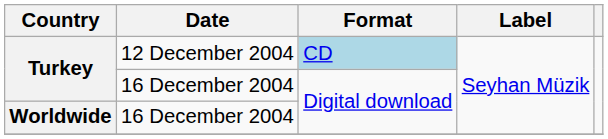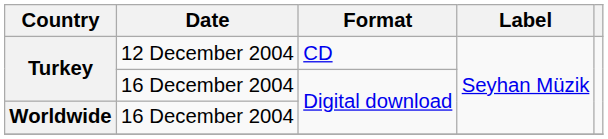 <table class="wikitable plainrowheaders">
 <tr>
 <th scope="col">Country</th>
 <th scope="col">Date</th>
 <th scope="col">Format</th>
 <th scope="col">Label</th>
 <th scope="col"></th>
 </tr>
 <tr>
 <th scope="row" rowspan="2">Turkey</th>
 <td>12 December 2004</td>
-<td style="background: lightblue;"><a href='#'>CD</a></td>
+<td><a href='#'>CD</a></td>
 <td rowspan="3"><a href='#'>Seyhan Müzik</a></td>
 <td align="center" rowspan="3"></td>
 </tr>
 <tr>
 <td>16 December 2004</td>
 <td rowspan="2"><a href='#'>Digital download</a></td>
 </tr>
 <tr>
 <th scope="row">Worldwide</th>
 <td>16 December 2004</td>
 </tr>
 <tr>
 </tr>
 </table>
